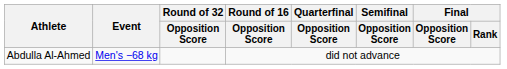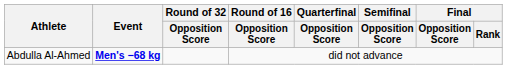 <table class=wikitable style=font-size:90%;text-align:center>
 <tr>
 <th rowspan=2>Athlete</th>
 <th rowspan=2>Event</th>
 <th>Round of 32</th>
 <th>Round of 16</th>
 <th>Quarterfinal</th>
 <th>Semifinal</th>
 <th colspan=2>Final</th>
 </tr>
 <tr style=font-size:95%>
 <th>Opposition<br>Score</th>
 <th>Opposition<br>Score</th>
 <th>Opposition<br>Score</th>
 <th>Opposition<br>Score</th>
 <th>Opposition<br>Score</th>
 <th>Rank</th>
 </tr>
 <tr>
 <td align=left>Abdulla Al-Ahmed</td>
-<td align=left><a href='#'>Men's −68 kg</a></td>
+<td align=left><strong><a href='#'>Men's −68 kg</a></strong></td>
 <td><br></td>
 <td colspan=5>did not advance</td>
 </tr>
 </table>
